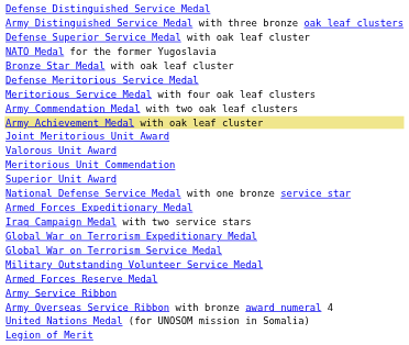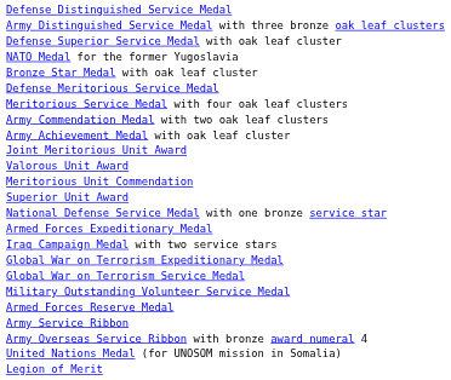 <table>
 <tr>
 <td> <a href='#'>Defense Distinguished Service Medal</a></td>
 </tr>
 <tr>
 <td><span></span><span></span><span></span> <a href='#'>Army Distinguished Service Medal</a> with three bronze <a href='#'>oak leaf clusters</a></td>
 </tr>
 <tr>
 <td> <a href='#'>Defense Superior Service Medal</a> with oak leaf cluster</td>
 </tr>
 <tr>
 <td> <a href='#'>NATO Medal</a> for the former Yugoslavia</td>
 </tr>
 <tr>
 <td> <a href='#'>Bronze Star Medal</a> with oak leaf cluster</td>
 </tr>
 <tr>
 <td> <a href='#'>Defense Meritorious Service Medal</a></td>
 </tr>
 <tr>
 <td><span></span><span></span><span></span><span></span> <a href='#'>Meritorious Service Medal</a> with four oak leaf clusters</td>
 </tr>
 <tr>
 <td><span></span><span></span> <a href='#'>Army Commendation Medal</a> with two oak leaf clusters</td>
 </tr>
 <tr>
-<td style="background: khaki;"> <a href='#'>Army Achievement Medal</a> with oak leaf cluster</td>
+<td> <a href='#'>Army Achievement Medal</a> with oak leaf cluster</td>
 </tr>
 <tr>
 <td> <a href='#'>Joint Meritorious Unit Award</a></td>
 </tr>
 <tr>
 <td> <a href='#'>Valorous Unit Award</a></td>
 </tr>
 <tr>
 <td> <a href='#'>Meritorious Unit Commendation</a></td>
 </tr>
 <tr>
 <td> <a href='#'>Superior Unit Award</a></td>
 </tr>
 <tr>
 <td> <a href='#'>National Defense Service Medal</a> with one bronze <a href='#'>service star</a></td>
 </tr>
 <tr>
 <td> <a href='#'>Armed Forces Expeditionary Medal</a></td>
 </tr>
 <tr>
 <td><span></span><span></span> <a href='#'>Iraq Campaign Medal</a> with two service stars</td>
 </tr>
 <tr>
 <td> <a href='#'>Global War on Terrorism Expeditionary Medal</a></td>
 </tr>
 <tr>
 <td> <a href='#'>Global War on Terrorism Service Medal</a></td>
 </tr>
 <tr>
 <td> <a href='#'>Military Outstanding Volunteer Service Medal</a></td>
 </tr>
 <tr>
 <td> <a href='#'>Armed Forces Reserve Medal</a></td>
 </tr>
 <tr>
 <td> <a href='#'>Army Service Ribbon</a></td>
 </tr>
 <tr>
 <td><span></span> <a href='#'>Army Overseas Service Ribbon</a> with bronze <a href='#'>award numeral</a> 4</td>
 </tr>
 <tr>
 <td> <a href='#'>United Nations Medal</a> (for UNOSOM mission in Somalia)</td>
 </tr>
 <tr>
 <td> <a href='#'>Legion of Merit</a></td>
 </tr>
 </table>
